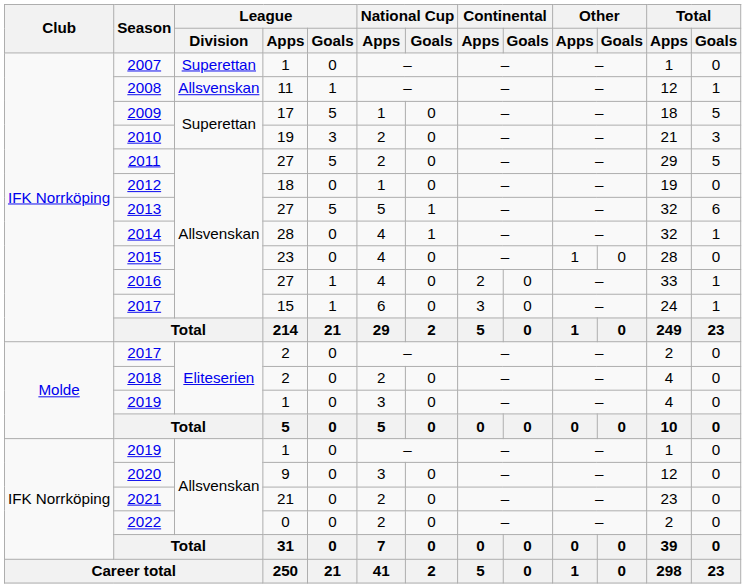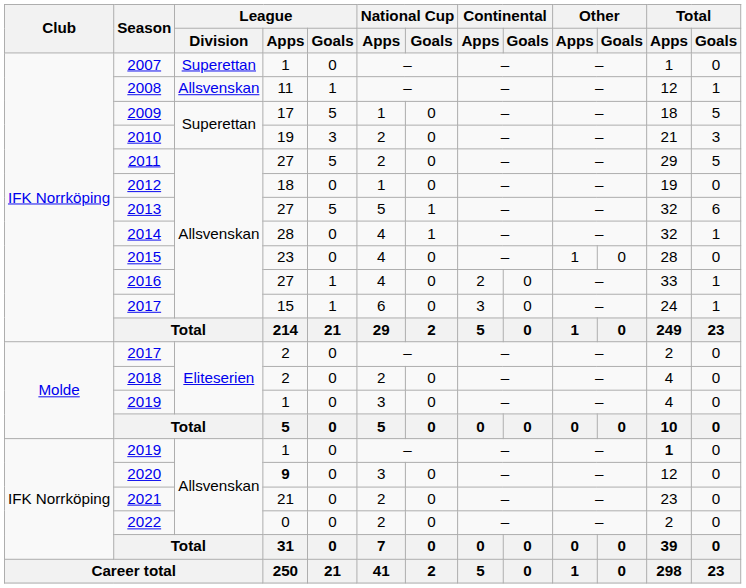 <table class="wikitable" style="text-align: center;">
 <tr>
 <th rowspan="2">Club</th>
 <th rowspan="2">Season</th>
 <th colspan="3">League</th>
 <th colspan="2">National Cup</th>
 <th colspan="2">Continental</th>
 <th colspan="2">Other</th>
 <th colspan="2">Total</th>
 </tr>
 <tr>
 <th>Division</th>
 <th>Apps</th>
 <th>Goals</th>
 <th>Apps</th>
 <th>Goals</th>
 <th>Apps</th>
 <th>Goals</th>
 <th>Apps</th>
 <th>Goals</th>
 <th>Apps</th>
 <th>Goals</th>
 </tr>
 <tr>
 <td rowspan="12" valign="center"><a href='#'>IFK Norrköping</a></td>
 <td><a href='#'>2007</a></td>
 <td><a href='#'>Superettan</a></td>
 <td>1</td>
 <td>0</td>
 <td colspan="2">–</td>
 <td colspan="2">–</td>
 <td colspan="2">–</td>
 <td>1</td>
 <td>0</td>
 </tr>
 <tr>
 <td><a href='#'>2008</a></td>
 <td><a href='#'>Allsvenskan</a></td>
 <td>11</td>
 <td>1</td>
 <td colspan="2">–</td>
 <td colspan="2">–</td>
 <td colspan="2">–</td>
 <td>12</td>
 <td>1</td>
 </tr>
 <tr>
 <td><a href='#'>2009</a></td>
 <td rowspan="2">Superettan</td>
 <td>17</td>
 <td>5</td>
 <td>1</td>
 <td>0</td>
 <td colspan="2">–</td>
 <td colspan="2">–</td>
 <td>18</td>
 <td>5</td>
 </tr>
 <tr>
 <td><a href='#'>2010</a></td>
 <td>19</td>
 <td>3</td>
 <td>2</td>
 <td>0</td>
 <td colspan="2">–</td>
 <td colspan="2">–</td>
 <td>21</td>
 <td>3</td>
 </tr>
 <tr>
 <td><a href='#'>2011</a></td>
 <td rowspan="7">Allsvenskan</td>
 <td>27</td>
 <td>5</td>
 <td>2</td>
 <td>0</td>
 <td colspan="2">–</td>
 <td colspan="2">–</td>
 <td>29</td>
 <td>5</td>
 </tr>
 <tr>
 <td><a href='#'>2012</a></td>
 <td>18</td>
 <td>0</td>
 <td>1</td>
 <td>0</td>
 <td colspan="2">–</td>
 <td colspan="2">–</td>
 <td>19</td>
 <td>0</td>
 </tr>
 <tr>
 <td><a href='#'>2013</a></td>
 <td>27</td>
 <td>5</td>
 <td>5</td>
 <td>1</td>
 <td colspan="2">–</td>
 <td colspan="2">–</td>
 <td>32</td>
 <td>6</td>
 </tr>
 <tr>
 <td><a href='#'>2014</a></td>
 <td>28</td>
 <td>0</td>
 <td>4</td>
 <td>1</td>
 <td colspan="2">–</td>
 <td colspan="2">–</td>
 <td>32</td>
 <td>1</td>
 </tr>
 <tr>
 <td><a href='#'>2015</a></td>
 <td>23</td>
 <td>0</td>
 <td>4</td>
 <td>0</td>
 <td colspan="2">–</td>
 <td>1</td>
 <td>0</td>
 <td>28</td>
 <td>0</td>
 </tr>
 <tr>
 <td><a href='#'>2016</a></td>
 <td>27</td>
 <td>1</td>
 <td>4</td>
 <td>0</td>
 <td>2</td>
 <td>0</td>
 <td colspan="2">–</td>
 <td>33</td>
 <td>1</td>
 </tr>
 <tr>
 <td><a href='#'>2017</a></td>
 <td>15</td>
 <td>1</td>
 <td>6</td>
 <td>0</td>
 <td>3</td>
 <td>0</td>
 <td colspan="2">–</td>
 <td>24</td>
 <td>1</td>
 </tr>
 <tr>
 <th colspan="2">Total</th>
 <th>214</th>
 <th>21</th>
 <th>29</th>
 <th>2</th>
 <th>5</th>
 <th>0</th>
 <th>1</th>
 <th>0</th>
 <th>249</th>
 <th>23</th>
 </tr>
 <tr>
 <td rowspan="4" valign="center"><a href='#'>Molde</a></td>
 <td><a href='#'>2017</a></td>
 <td rowspan="3"><a href='#'>Eliteserien</a></td>
 <td>2</td>
 <td>0</td>
 <td colspan="2">–</td>
 <td colspan="2">–</td>
 <td colspan="2">–</td>
 <td>2</td>
 <td>0</td>
 </tr>
 <tr>
 <td><a href='#'>2018</a></td>
 <td>2</td>
 <td>0</td>
 <td>2</td>
 <td>0</td>
 <td colspan="2">–</td>
 <td colspan="2">–</td>
 <td>4</td>
 <td>0</td>
 </tr>
 <tr>
 <td><a href='#'>2019</a></td>
 <td>1</td>
 <td>0</td>
 <td>3</td>
 <td>0</td>
 <td colspan="2">–</td>
 <td colspan="2">–</td>
 <td>4</td>
 <td>0</td>
 </tr>
 <tr>
 <th colspan="2">Total</th>
 <th>5</th>
 <th>0</th>
 <th>5</th>
 <th>0</th>
 <th>0</th>
 <th>0</th>
 <th>0</th>
 <th>0</th>
 <th>10</th>
 <th>0</th>
 </tr>
 <tr>
 <td rowspan="5" valign="center">IFK Norrköping</td>
 <td><a href='#'>2019</a></td>
 <td rowspan="4">Allsvenskan</td>
 <td>1</td>
 <td>0</td>
 <td colspan="2">–</td>
 <td colspan="2">–</td>
 <td colspan="2">–</td>
-<td>1</td>
+<td><strong>1</strong></td>
 <td>0</td>
 </tr>
 <tr>
 <td><a href='#'>2020</a></td>
-<td>9</td>
+<td><strong>9</strong></td>
 <td>0</td>
 <td>3</td>
 <td>0</td>
 <td colspan="2">–</td>
 <td colspan="2">–</td>
 <td>12</td>
 <td>0</td>
 </tr>
 <tr>
 <td><a href='#'>2021</a></td>
 <td>21</td>
 <td>0</td>
 <td>2</td>
 <td>0</td>
 <td colspan="2">–</td>
 <td colspan="2">–</td>
 <td>23</td>
 <td>0</td>
 </tr>
 <tr>
 <td><a href='#'>2022</a></td>
 <td>0</td>
 <td>0</td>
 <td>2</td>
 <td>0</td>
 <td colspan="2">–</td>
 <td colspan="2">–</td>
 <td>2</td>
 <td>0</td>
 </tr>
 <tr>
 <th colspan="2">Total</th>
 <th>31</th>
 <th>0</th>
 <th>7</th>
 <th>0</th>
 <th>0</th>
 <th>0</th>
 <th>0</th>
 <th>0</th>
 <th>39</th>
 <th>0</th>
 </tr>
 <tr>
 <th colspan="3">Career total</th>
 <th>250</th>
 <th>21</th>
 <th>41</th>
 <th>2</th>
 <th>5</th>
 <th>0</th>
 <th>1</th>
 <th>0</th>
 <th>298</th>
 <th>23</th>
 </tr>
 </table>
